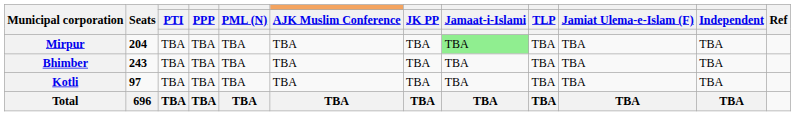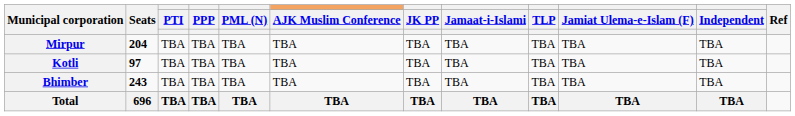 <table class="wikitable">
 <tr>
 <th rowspan="3">Municipal corporation</th>
 <th rowspan="3">Seats</th>
 <th style="background-color: "></th>
 <th style="background-color: "></th>
 <th style="background-color: "></th>
 <td bgcolor="#f4a460"></td>
 <th style="background-color: "></th>
 <th style="background-color: "></th>
 <th style="background-color: "></th>
 <th style="background-color: "></th>
 <th style="background-color: "></th>
 <th rowspan="3">Ref</th>
 </tr>
 <tr>
 <th><a href='#'>PTI</a></th>
 <th><a href='#'>PPP</a></th>
 <th><a href='#'>PML (N)</a></th>
 <th><a href='#'>AJK Muslim Conference</a></th>
 <th><a href='#'>JK PP</a></th>
 <th><a href='#'>Jamaat-i-Islami</a></th>
 <th><a href='#'>TLP</a></th>
 <th><a href='#'>Jamiat Ulema-e-Islam (F)</a></th>
 <th><a href='#'>Independent</a></th>
 </tr>
 <tr>
 <th></th>
 <th></th>
 <th></th>
 <th></th>
 <th></th>
 <th></th>
 <th></th>
 <th></th>
 <th></th>
 </tr>
 <tr>
 <th><a href='#'>Mirpur</a></th>
 <td><strong>204</strong></td>
 <td>TBA</td>
 <td>TBA</td>
 <td>TBA</td>
 <td>TBA</td>
 <td>TBA</td>
-<td style="background: lightgreen;">TBA</td>
+<td>TBA</td>
 <td>TBA</td>
 <td>TBA</td>
 <td>TBA</td>
 <td></td>
 </tr>
 <tr>
-<th><a href='#'>Bhimber</a></th>
-<td><strong>243</strong></td>
+<th><a href='#'>Kotli</a></th>
+<td><strong>97</strong></td>
 <td>TBA</td>
 <td>TBA</td>
 <td>TBA</td>
 <td>TBA</td>
 <td>TBA</td>
 <td>TBA</td>
 <td>TBA</td>
 <td>TBA</td>
 <td>TBA</td>
 <td></td>
 </tr>
 <tr>
-<th><a href='#'>Kotli</a></th>
-<td><strong>97</strong></td>
+<th><a href='#'>Bhimber</a></th>
+<td><strong>243</strong></td>
 <td>TBA</td>
 <td>TBA</td>
 <td>TBA</td>
 <td>TBA</td>
 <td>TBA</td>
 <td>TBA</td>
 <td>TBA</td>
 <td>TBA</td>
 <td>TBA</td>
 <td></td>
 </tr>
 <tr>
 <th><strong>Total</strong></th>
 <th>696</th>
 <th>TBA</th>
 <th>TBA</th>
 <th>TBA</th>
 <th>TBA</th>
 <th>TBA</th>
 <th>TBA</th>
 <th>TBA</th>
 <th>TBA</th>
 <th>TBA</th>
 <td></td>
 </tr>
 </table>
